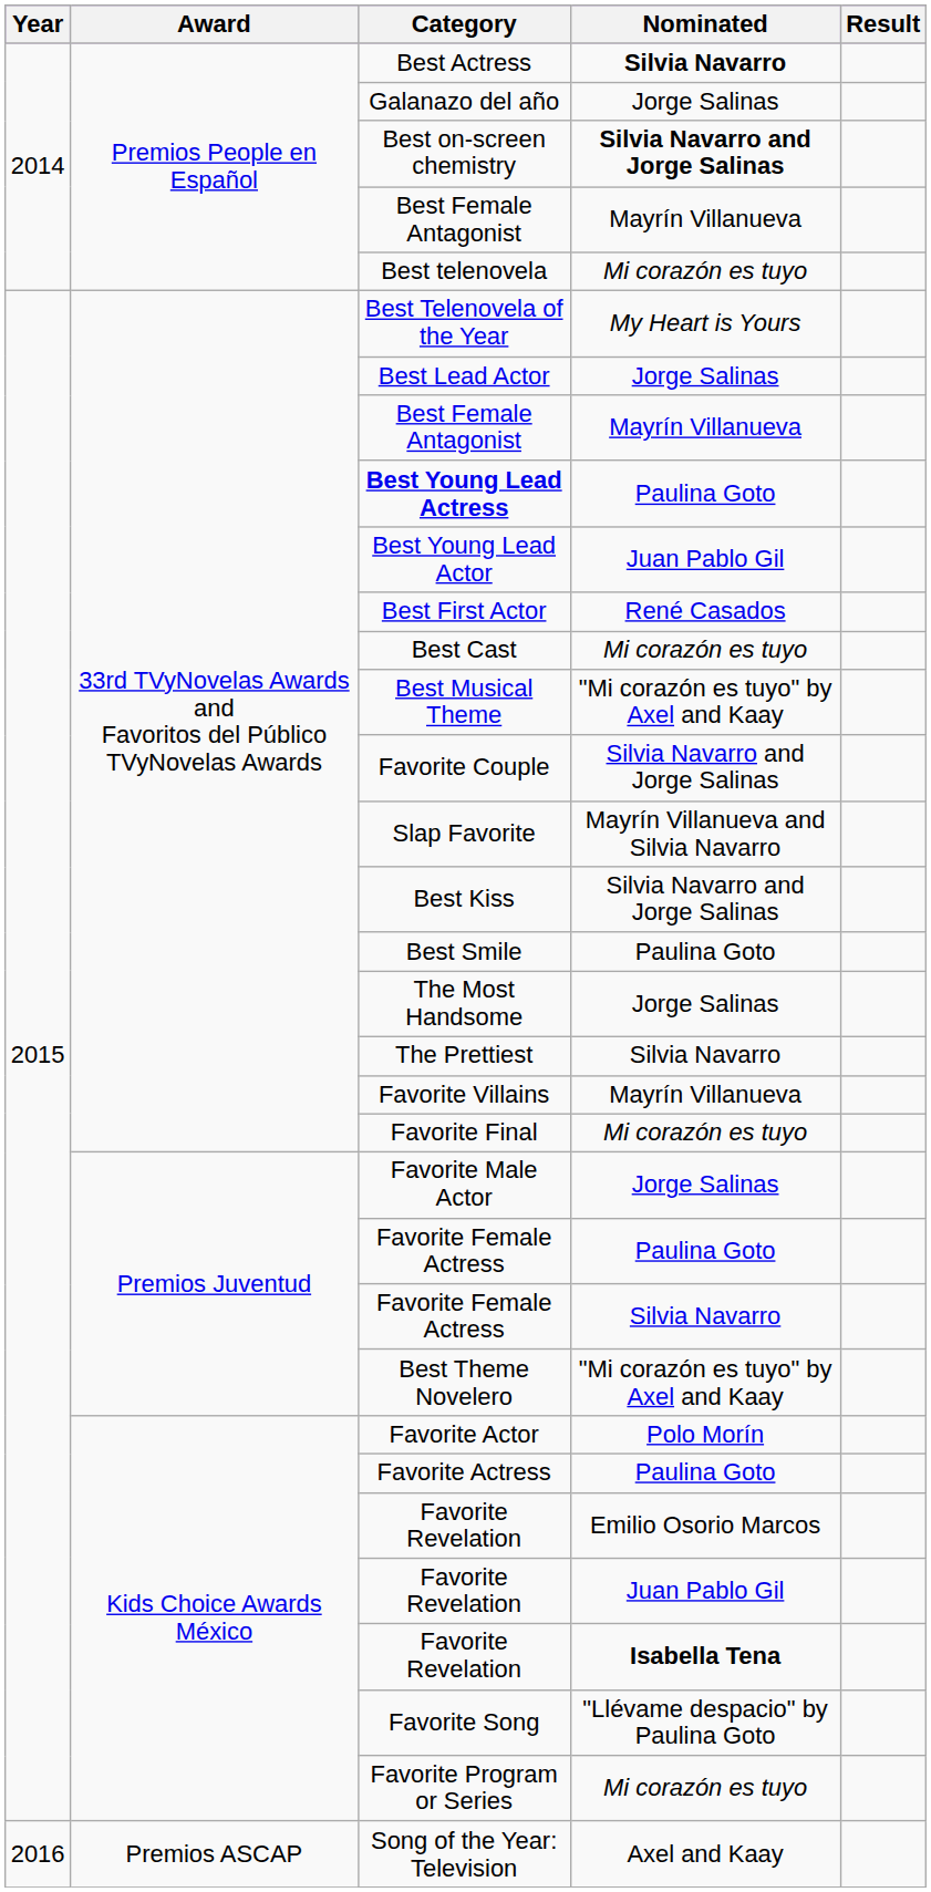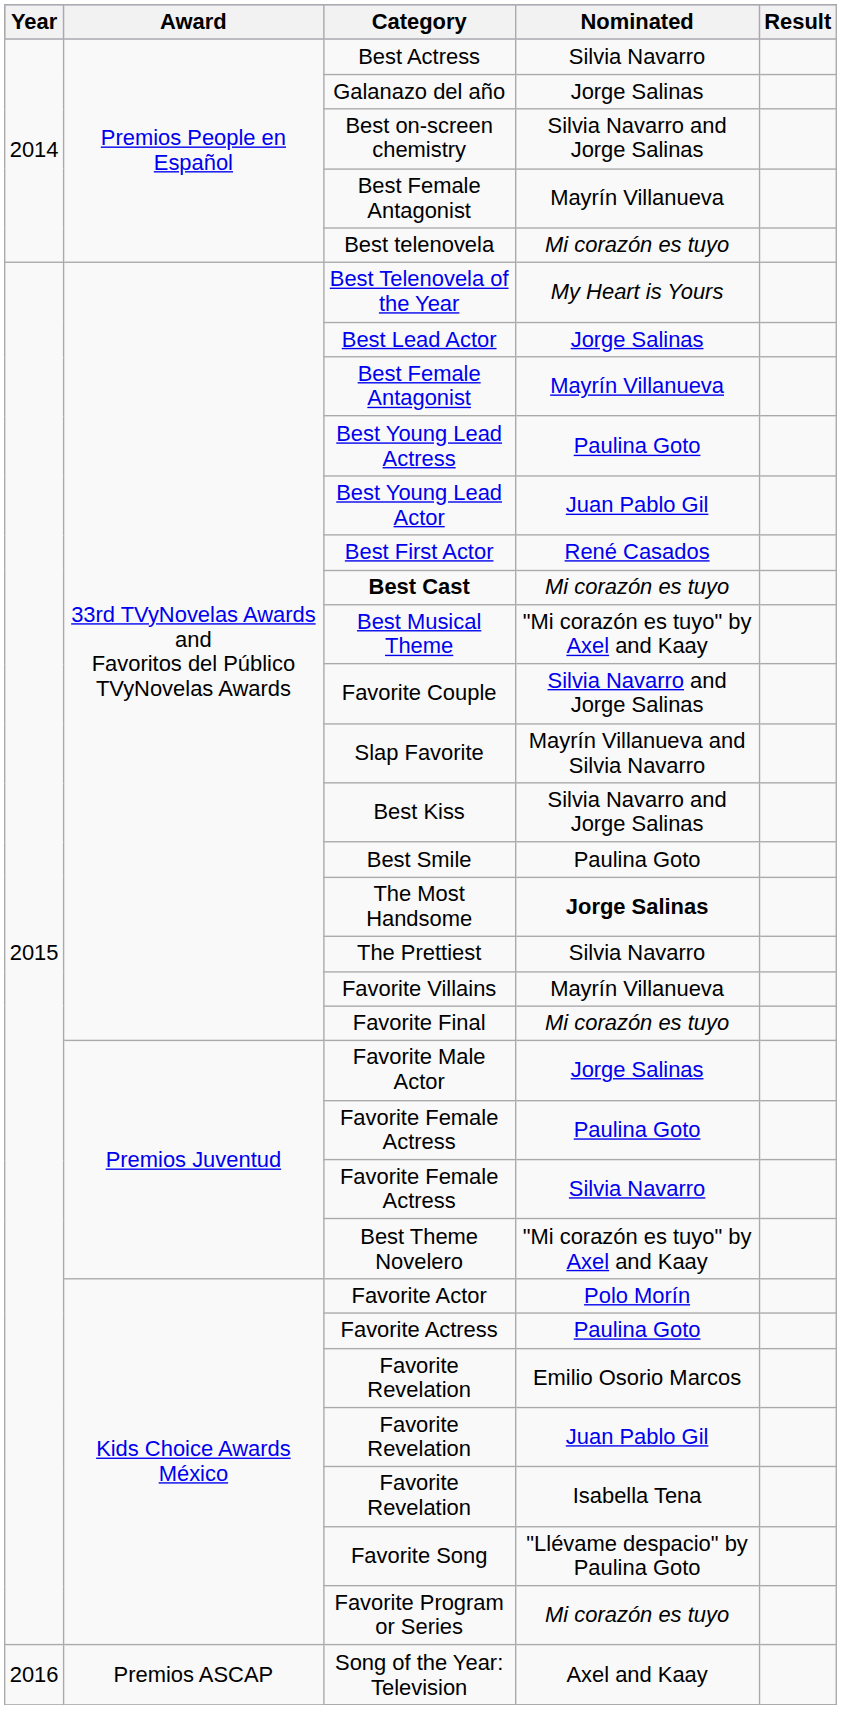 <table class="wikitable plainrowheaders" style="text-align:center">
 <tr style="background:#96c;">
 <th scope="col">Year</th>
 <th scope="col">Award</th>
 <th scope="col">Category</th>
 <th scope="col">Nominated</th>
 <th scope="col">Result</th>
 </tr>
 <tr>
 <td scope="row" rowspan="5">2014</td>
 <td rowspan="5"><a href='#'>Premios People en Español</a></td>
 <td scope="row">Best Actress</td>
-<td rowspan="1"><strong>Silvia Navarro</strong></td>
+<td rowspan="1">Silvia Navarro</td>
 <td></td>
 </tr>
 <tr>
 <td scope="row">Galanazo del año</td>
 <td rowspan="1">Jorge Salinas</td>
 <td></td>
 </tr>
 <tr>
 <td scope="row">Best on-screen chemistry</td>
-<td rowspan="1"><strong>Silvia Navarro and Jorge Salinas</strong></td>
+<td rowspan="1">Silvia Navarro and Jorge Salinas</td>
 <td></td>
 </tr>
 <tr>
 <td scope="row">Best Female Antagonist</td>
 <td rowspan="1">Mayrín Villanueva</td>
 <td></td>
 </tr>
 <tr>
 <td scope="row">Best telenovela</td>
 <td rowspan="1"><em>Mi corazón es tuyo</em></td>
 <td></td>
 </tr>
 <tr>
 <td scope="row" rowspan="27">2015</td>
 <td rowspan="16"><a href='#'>33rd TVyNovelas Awards</a> and <br>Favoritos del Público TVyNovelas Awards</td>
 <td scope="row"><a href='#'>Best Telenovela of the Year</a></td>
 <td rowspan="1"><em>My Heart is Yours</em></td>
 <td></td>
 </tr>
 <tr>
 <td scope="row"><a href='#'>Best Lead Actor</a></td>
 <td rowspan="1"><a href='#'>Jorge Salinas</a></td>
 <td></td>
 </tr>
 <tr>
 <td scope="row"><a href='#'>Best Female Antagonist</a></td>
 <td rowspan="1"><a href='#'>Mayrín Villanueva</a></td>
 <td></td>
 </tr>
 <tr>
-<td scope="row"><strong><a href='#'>Best Young Lead Actress</a></strong></td>
+<td scope="row"><a href='#'>Best Young Lead Actress</a></td>
 <td rowspan="1"><a href='#'>Paulina Goto</a></td>
 <td></td>
 </tr>
 <tr>
 <td scope="row"><a href='#'>Best Young Lead Actor</a></td>
 <td rowspan="1"><a href='#'>Juan Pablo Gil</a></td>
 <td></td>
 </tr>
 <tr>
 <td scope="row"><a href='#'>Best First Actor</a></td>
 <td rowspan="1"><a href='#'>René Casados</a></td>
 <td></td>
 </tr>
 <tr>
-<td scope="row">Best Cast</td>
+<td scope="row"><strong>Best Cast</strong></td>
 <td rowspan="1"><em>Mi corazón es tuyo</em></td>
 <td></td>
 </tr>
 <tr>
 <td scope="row"><a href='#'>Best Musical Theme</a></td>
 <td rowspan="1">"Mi corazón es tuyo" by <a href='#'>Axel</a> and Kaay</td>
 <td></td>
 </tr>
 <tr>
 <td scope="row">Favorite Couple</td>
 <td rowspan="1"><a href='#'>Silvia Navarro</a> and Jorge Salinas</td>
 <td></td>
 </tr>
 <tr>
 <td scope="row">Slap Favorite</td>
 <td rowspan="1">Mayrín Villanueva and Silvia Navarro</td>
 <td></td>
 </tr>
 <tr>
 <td scope="row">Best Kiss</td>
 <td rowspan="1">Silvia Navarro and Jorge Salinas</td>
 <td></td>
 </tr>
 <tr>
 <td scope="row">Best Smile</td>
 <td rowspan="1">Paulina Goto</td>
 <td></td>
 </tr>
 <tr>
 <td scope="row">The Most Handsome</td>
-<td rowspan="1">Jorge Salinas</td>
+<td rowspan="1"><strong>Jorge Salinas</strong></td>
 <td></td>
 </tr>
 <tr>
 <td scope="row">The Prettiest</td>
 <td rowspan="1">Silvia Navarro</td>
 <td></td>
 </tr>
 <tr>
 <td scope="row">Favorite Villains</td>
 <td rowspan="1">Mayrín Villanueva</td>
 <td></td>
 </tr>
 <tr>
 <td scope="row">Favorite Final</td>
 <td rowspan="1"><em>Mi corazón es tuyo</em></td>
 <td></td>
 </tr>
 <tr>
 <td rowspan="4"><a href='#'>Premios Juventud</a></td>
 <td scope="row">Favorite Male Actor</td>
 <td rowspan="1"><a href='#'>Jorge Salinas</a></td>
 <td></td>
 </tr>
 <tr>
 <td scope="row">Favorite Female Actress</td>
 <td rowspan="1"><a href='#'>Paulina Goto</a></td>
 <td></td>
 </tr>
 <tr>
 <td scope="row">Favorite Female Actress</td>
 <td rowspan="1"><a href='#'>Silvia Navarro</a></td>
 <td></td>
 </tr>
 <tr>
 <td scope="row">Best Theme Novelero</td>
 <td rowspan="1">"Mi corazón es tuyo" by <a href='#'>Axel</a> and Kaay</td>
 <td></td>
 </tr>
 <tr>
 <td rowspan="07"><a href='#'>Kids Choice Awards México</a></td>
 <td scope="row">Favorite Actor</td>
 <td rowspan="1"><a href='#'>Polo Morín</a></td>
 <td></td>
 </tr>
 <tr>
 <td scope="row">Favorite Actress</td>
 <td rowspan="1"><a href='#'>Paulina Goto</a></td>
 <td></td>
 </tr>
 <tr>
 <td scope="row">Favorite Revelation</td>
 <td rowspan="1">Emilio Osorio Marcos</td>
 <td></td>
 </tr>
 <tr>
 <td scope="row">Favorite Revelation</td>
 <td rowspan="1"><a href='#'>Juan Pablo Gil</a></td>
 <td></td>
 </tr>
 <tr>
 <td scope="row">Favorite Revelation</td>
-<td rowspan="1"><strong>Isabella Tena</strong></td>
+<td rowspan="1">Isabella Tena</td>
 <td></td>
 </tr>
 <tr>
 <td scope="row">Favorite Song</td>
 <td rowspan="1">"Llévame despacio" by Paulina Goto</td>
 <td></td>
 </tr>
 <tr>
 <td scope="row">Favorite Program or Series</td>
 <td rowspan="1"><em>Mi corazón es tuyo</em></td>
 <td></td>
 </tr>
 <tr>
 <td scope="row" rowspan="5">2016</td>
 <td rowspan="5">Premios ASCAP</td>
 <td scope="row">Song of the Year: Television</td>
 <td rowspan="1">Axel and Kaay</td>
 <td></td>
 </tr>
 <tr>
 </tr>
 </table>
